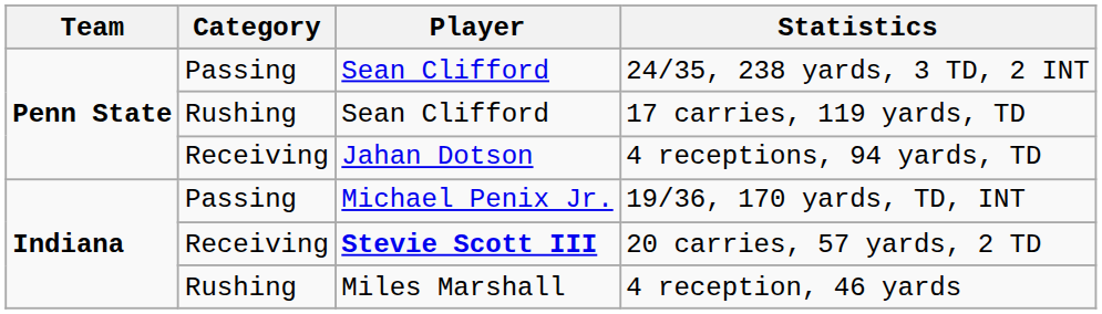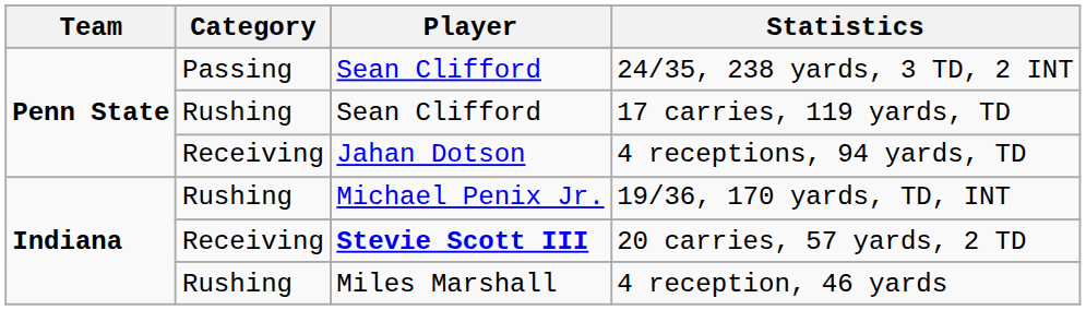 <table class="wikitable" style="float: right;">
 <tr>
 <th>Team</th>
 <th>Category</th>
 <th>Player</th>
 <th>Statistics</th>
 </tr>
 <tr>
 <td rowspan=3><strong>Penn State</strong></td>
 <td>Passing</td>
 <td><a href='#'>Sean Clifford</a></td>
 <td>24/35, 238 yards, 3 TD, 2 INT</td>
 </tr>
 <tr>
 <td>Rushing</td>
 <td>Sean Clifford</td>
 <td>17 carries, 119 yards, TD</td>
 </tr>
 <tr>
 <td>Receiving</td>
 <td><a href='#'>Jahan Dotson</a></td>
 <td>4 receptions, 94 yards, TD</td>
 </tr>
 <tr>
 <td rowspan=3><strong>Indiana</strong></td>
-<td>Passing</td>
+<td>Rushing</td>
 <td><a href='#'>Michael Penix Jr.</a></td>
 <td>19/36, 170 yards, TD, INT</td>
 </tr>
 <tr>
 <td>Receiving</td>
 <td><strong><a href='#'>Stevie Scott III</a></strong></td>
 <td>20 carries, 57 yards, 2 TD</td>
 </tr>
 <tr>
 <td>Rushing</td>
 <td>Miles Marshall</td>
 <td>4 reception, 46 yards</td>
 </tr>
 </table>
